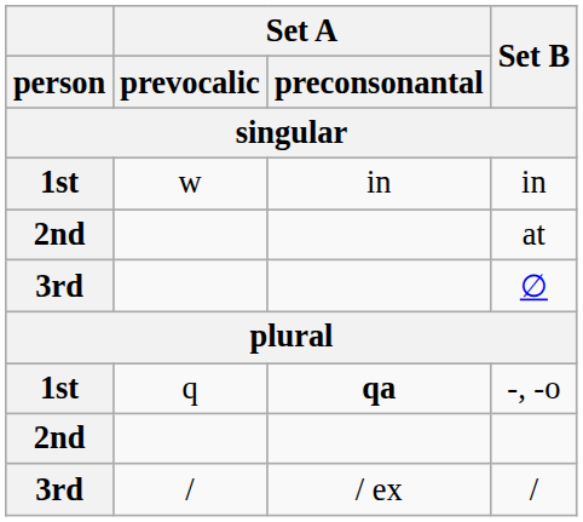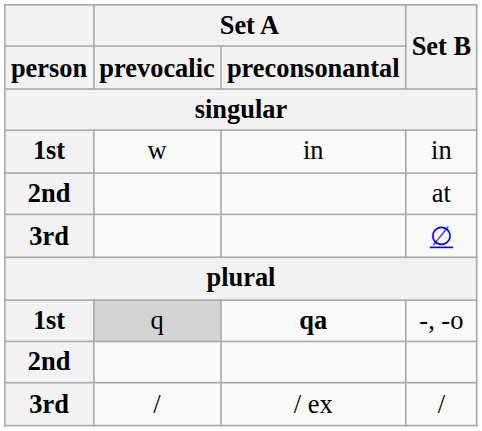 <table class="wikitable">
 <tr>
 <th></th>
 <th colspan="2">Set A</th>
 <th rowspan="2">Set B</th>
 </tr>
 <tr align="center">
 <th>person</th>
 <th>prevocalic</th>
 <th>preconsonantal</th>
 </tr>
 <tr>
 <th colspan="4">singular</th>
 </tr>
 <tr align="center">
 <th>1st</th>
 <td>w</td>
 <td>in</td>
 <td>in</td>
 </tr>
 <tr align="center">
 <th>2nd</th>
 <td></td>
 <td></td>
 <td>at</td>
 </tr>
 <tr align="center">
 <th>3rd</th>
 <td></td>
 <td></td>
 <td><a href='#'>∅</a></td>
 </tr>
 <tr>
 <th colspan="4">plural</th>
 </tr>
 <tr align="center">
 <th>1st</th>
-<td>q</td>
+<td style="background: lightgrey;">q</td>
 <td><strong>qa</strong></td>
 <td>-, -o</td>
 </tr>
 <tr align="center">
 <th>2nd</th>
 <td></td>
 <td></td>
 <td></td>
 </tr>
 <tr align="center">
 <th>3rd</th>
 <td>    / </td>
 <td>   / ex</td>
 <td> / </td>
 </tr>
 </table>
